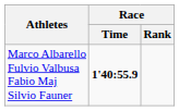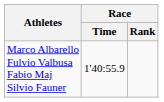 <table class="wikitable" border="1" style="font-size:90%">
 <tr>
 <th rowspan=2>Athletes</th>
 <th colspan=2>Race</th>
 </tr>
 <tr>
 <th>Time</th>
 <th>Rank</th>
 </tr>
 <tr>
 <td><a href='#'>Marco Albarello</a><br><a href='#'>Fulvio Valbusa</a><br><a href='#'>Fabio Maj</a><br><a href='#'>Silvio Fauner</a></td>
-<td align=center><strong>1'40:55.9</strong></td>
+<td align=center>1'40:55.9</td>
 <td align=center></td>
 </tr>
 </table>
